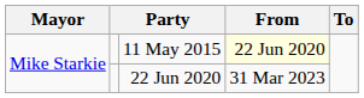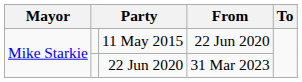 <table class=wikitable>
 <tr>
 <th>Mayor</th>
 <th colspan=2>Party</th>
 <th>From</th>
 <th>To</th>
 </tr>
 <tr>
 <td rowspan=2><a href='#'>Mike Starkie</a></td>
 <td></td>
 <td align=right>11 May 2015</td>
-<td align=right style="background: lightyellow;">22 Jun 2020</td>
+<td align=right>22 Jun 2020</td>
 </tr>
 <tr>
 <td></td>
 <td align=right>22 Jun 2020</td>
 <td align=right>31 Mar 2023</td>
 </tr>
 </table>
